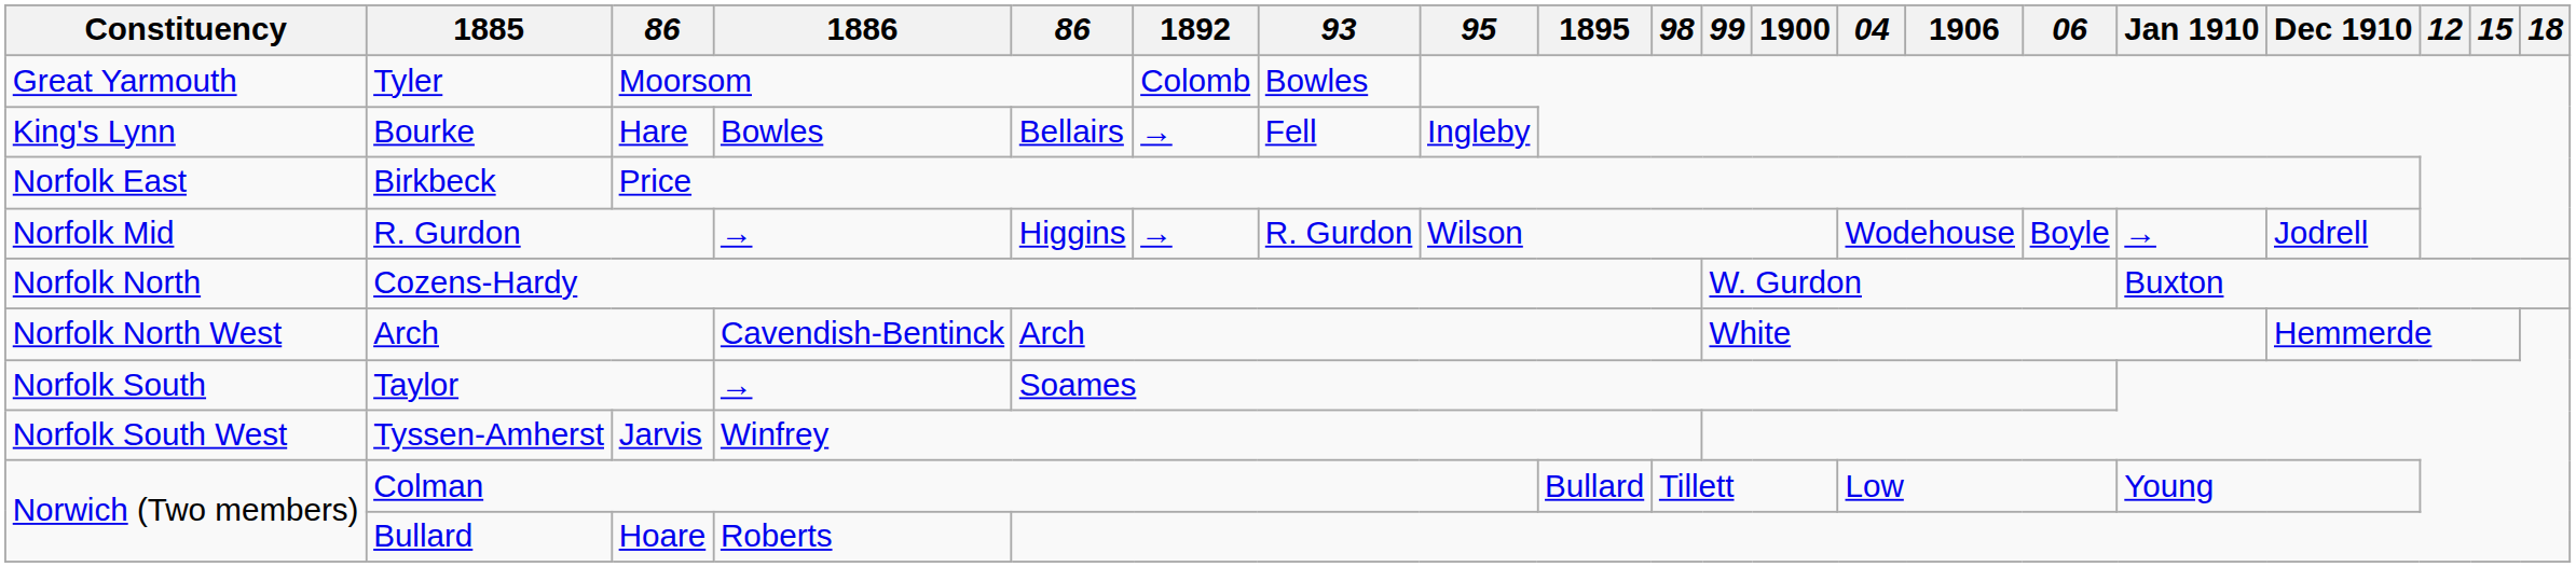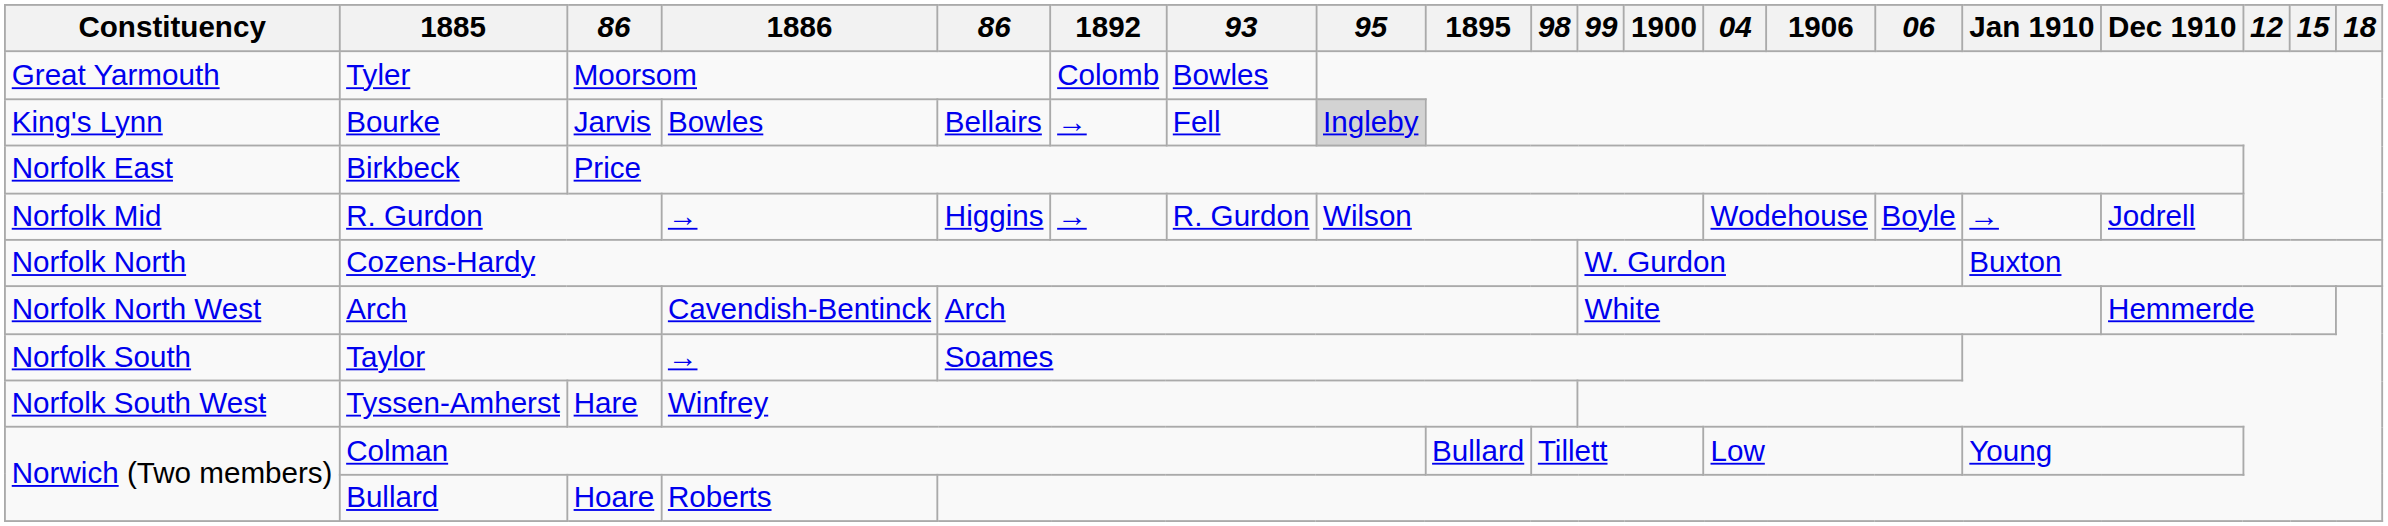 <table class="wikitable">
 <tr>
 <th>Constituency</th>
 <th>1885</th>
 <th><em>86</em></th>
 <th>1886</th>
 <th><em>86</em></th>
 <th>1892</th>
 <th><em>93</em></th>
 <th><em>95</em></th>
 <th>1895</th>
 <th><em>98</em></th>
 <th><em>99</em></th>
 <th>1900</th>
 <th><em>04</em></th>
 <th>1906</th>
 <th><em>06</em></th>
 <th>Jan 1910</th>
 <th>Dec 1910</th>
 <th><em>12</em></th>
 <th><em>15</em></th>
 <th><em>18</em></th>
 </tr>
 <tr>
 <td><a href='#'>Great Yarmouth</a></td>
 <td><a href='#'>Tyler</a></td>
 <td colspan="3"><a href='#'>Moorsom</a></td>
 <td><a href='#'>Colomb</a></td>
 <td><a href='#'>Bowles</a></td>
 </tr>
 <tr>
 <td><a href='#'>King's Lynn</a></td>
 <td><a href='#'>Bourke</a></td>
-<td><a href='#'>Hare</a></td>
+<td><a href='#'>Jarvis</a></td>
 <td><a href='#'>Bowles</a></td>
 <td><a href='#'>Bellairs</a></td>
 <td><a href='#'>→</a></td>
 <td><a href='#'>Fell</a></td>
-<td><a href='#'>Ingleby</a></td>
+<td style="background: lightgrey;"><a href='#'>Ingleby</a></td>
 </tr>
 <tr>
 <td><a href='#'>Norfolk East</a></td>
 <td><a href='#'>Birkbeck</a></td>
 <td colspan="15"><a href='#'>Price</a></td>
 </tr>
 <tr>
 <td><a href='#'>Norfolk Mid</a></td>
 <td colspan="2"><a href='#'>R. Gurdon</a></td>
 <td><a href='#'>→</a></td>
 <td><a href='#'>Higgins</a></td>
 <td><a href='#'>→</a></td>
 <td><a href='#'>R. Gurdon</a></td>
 <td colspan="5"><a href='#'>Wilson</a></td>
 <td colspan="2"><a href='#'>Wodehouse</a></td>
 <td><a href='#'>Boyle</a></td>
 <td><a href='#'>→</a></td>
 <td><a href='#'>Jodrell</a></td>
 </tr>
 <tr>
 <td><a href='#'>Norfolk North</a></td>
 <td colspan="9"><a href='#'>Cozens-Hardy</a></td>
 <td colspan="5"><a href='#'>W. Gurdon</a></td>
 <td colspan="5"><a href='#'>Buxton</a></td>
 </tr>
 <tr>
 <td><a href='#'>Norfolk North West</a></td>
 <td colspan="2"><a href='#'>Arch</a></td>
 <td><a href='#'>Cavendish-Bentinck</a></td>
 <td colspan="6"><a href='#'>Arch</a></td>
 <td colspan="6"><a href='#'>White</a></td>
 <td colspan="3"><a href='#'>Hemmerde</a></td>
 </tr>
 <tr>
 <td><a href='#'>Norfolk South</a></td>
 <td colspan="2"><a href='#'>Taylor</a></td>
 <td><a href='#'>→</a></td>
 <td colspan="11"><a href='#'>Soames</a></td>
 </tr>
 <tr>
 <td><a href='#'>Norfolk South West</a></td>
 <td><a href='#'>Tyssen-Amherst</a></td>
-<td><a href='#'>Jarvis</a></td>
+<td><a href='#'>Hare</a></td>
 <td colspan="7"><a href='#'>Winfrey</a></td>
 </tr>
 <tr>
 <td rowspan="2"><a href='#'>Norwich</a> (Two members)</td>
 <td colspan="7"><a href='#'>Colman</a></td>
 <td><a href='#'>Bullard</a></td>
 <td colspan="3"><a href='#'>Tillett</a></td>
 <td colspan="3"><a href='#'>Low</a></td>
 <td colspan="2"><a href='#'>Young</a></td>
 </tr>
 <tr>
 <td><a href='#'>Bullard</a></td>
 <td><a href='#'>Hoare</a></td>
 <td><a href='#'>Roberts</a></td>
 </tr>
 </table>
